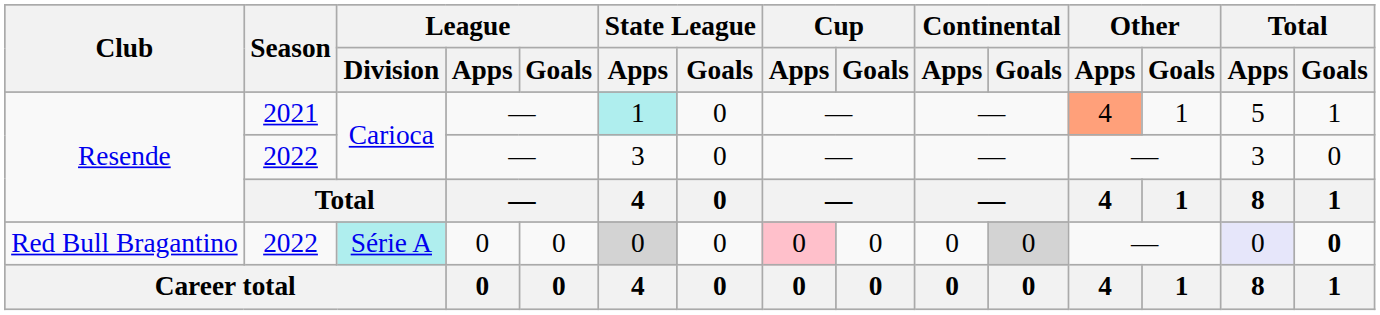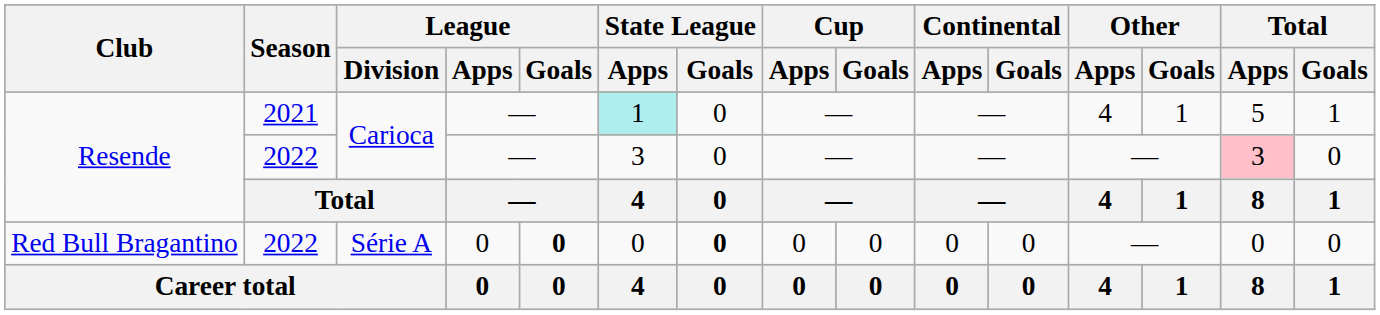 <table class="wikitable" style="text-align: center">
 <tr>
 <th rowspan="2">Club</th>
 <th rowspan="2">Season</th>
 <th colspan="3">League</th>
 <th colspan="2">State League</th>
 <th colspan="2">Cup</th>
 <th colspan="2">Continental</th>
 <th colspan="2">Other</th>
 <th colspan="2">Total</th>
 </tr>
 <tr>
 <th>Division</th>
 <th>Apps</th>
 <th>Goals</th>
 <th>Apps</th>
 <th>Goals</th>
 <th>Apps</th>
 <th>Goals</th>
 <th>Apps</th>
 <th>Goals</th>
 <th>Apps</th>
 <th>Goals</th>
 <th>Apps</th>
 <th>Goals</th>
 </tr>
 <tr>
 <td rowspan="3"><a href='#'>Resende</a></td>
 <td><a href='#'>2021</a></td>
 <td rowspan="2"><a href='#'>Carioca</a></td>
 <td colspan="2">—</td>
 <td style="background: paleturquoise;">1</td>
 <td>0</td>
 <td colspan="2">—</td>
 <td colspan="2">—</td>
-<td style="background: lightsalmon;">4</td>
+<td>4</td>
 <td>1</td>
 <td>5</td>
 <td>1</td>
 </tr>
 <tr>
 <td><a href='#'>2022</a></td>
 <td colspan="2">—</td>
 <td>3</td>
 <td>0</td>
 <td colspan="2">—</td>
 <td colspan="2">—</td>
 <td colspan="2">—</td>
-<td>3</td>
+<td style="background: pink;">3</td>
 <td>0</td>
 </tr>
 <tr>
 <th colspan="2">Total</th>
 <th colspan="2">—</th>
 <th>4</th>
 <th>0</th>
 <th colspan="2">—</th>
 <th colspan="2">—</th>
 <th>4</th>
 <th>1</th>
 <th>8</th>
 <th>1</th>
 </tr>
 <tr>
 <td><a href='#'>Red Bull Bragantino</a></td>
 <td><a href='#'>2022</a></td>
-<td style="background: paleturquoise;"><a href='#'>Série A</a></td>
+<td><a href='#'>Série A</a></td>
+<td>0</td>
+<td><strong>0</strong></td>
+<td>0</td>
+<td><strong>0</strong></td>
 <td>0</td>
 <td>0</td>
-<td style="background: lightgrey;">0</td>
-<td>0</td>
-<td style="background: pink;">0</td>
 <td>0</td>
 <td>0</td>
-<td style="background: lightgrey;">0</td>
 <td colspan="2">—</td>
-<td style="background: lavender;">0</td>
-<td><strong>0</strong></td>
+<td>0</td>
+<td>0</td>
 </tr>
 <tr>
 <th colspan="3"><strong>Career total</strong></th>
 <th>0</th>
 <th>0</th>
 <th>4</th>
 <th>0</th>
 <th>0</th>
 <th>0</th>
 <th>0</th>
 <th>0</th>
 <th>4</th>
 <th>1</th>
 <th>8</th>
 <th>1</th>
 </tr>
 </table>
